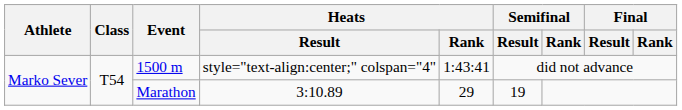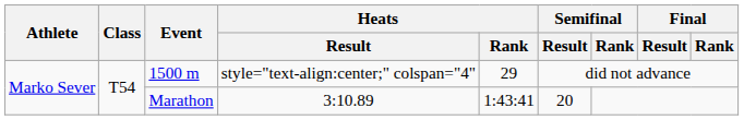 <table class=wikitable style="font-size:90%">
 <tr>
 <th rowspan="2">Athlete</th>
 <th rowspan="2">Class</th>
 <th rowspan="2">Event</th>
 <th colspan="2">Heats</th>
 <th colspan="2">Semifinal</th>
 <th colspan="2">Final</th>
 </tr>
 <tr>
 <th>Result</th>
 <th>Rank</th>
 <th>Result</th>
 <th>Rank</th>
 <th>Result</th>
 <th>Rank</th>
 </tr>
 <tr>
 <td rowspan="2"><a href='#'>Marko Sever</a></td>
 <td rowspan="2" style="text-align:center;">T54</td>
 <td><a href='#'>1500 m</a></td>
 <td>style="text-align:center;" colspan="4" </td>
-<td style="text-align:center;">1:43:41</td>
+<td style="text-align:center;">29</td>
 <td style="text-align:center;" colspan="4">did not advance</td>
 </tr>
 <tr>
 <td><a href='#'>Marathon</a></td>
 <td style="text-align:center;">3:10.89</td>
-<td style="text-align:center;">29</td>
-<td style="text-align:center;">19</td>
+<td style="text-align:center;">1:43:41</td>
+<td style="text-align:center;">20</td>
 </tr>
 </table>
